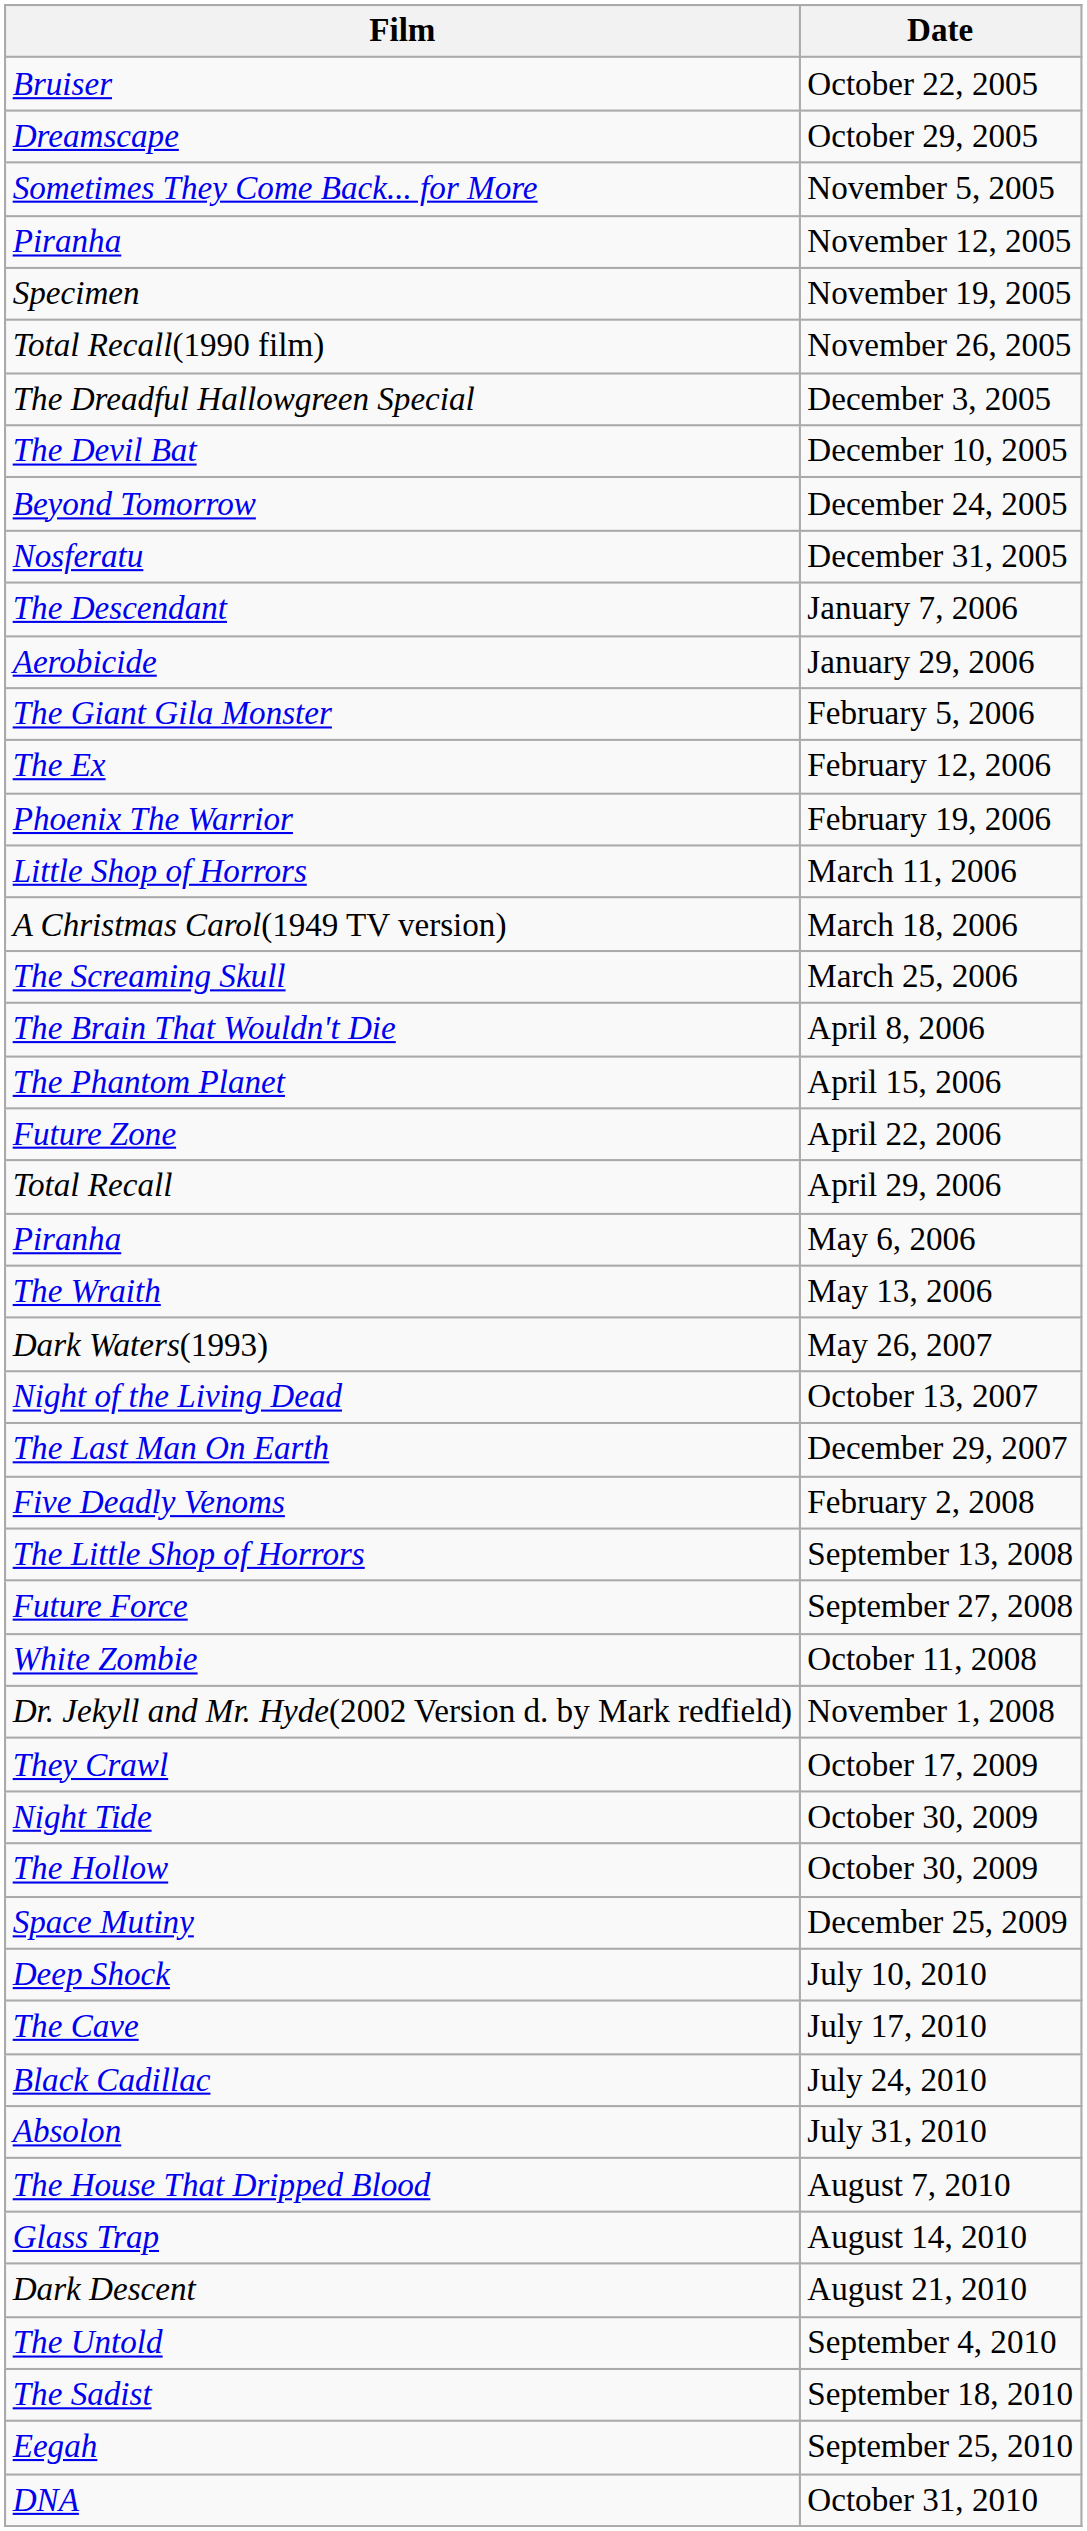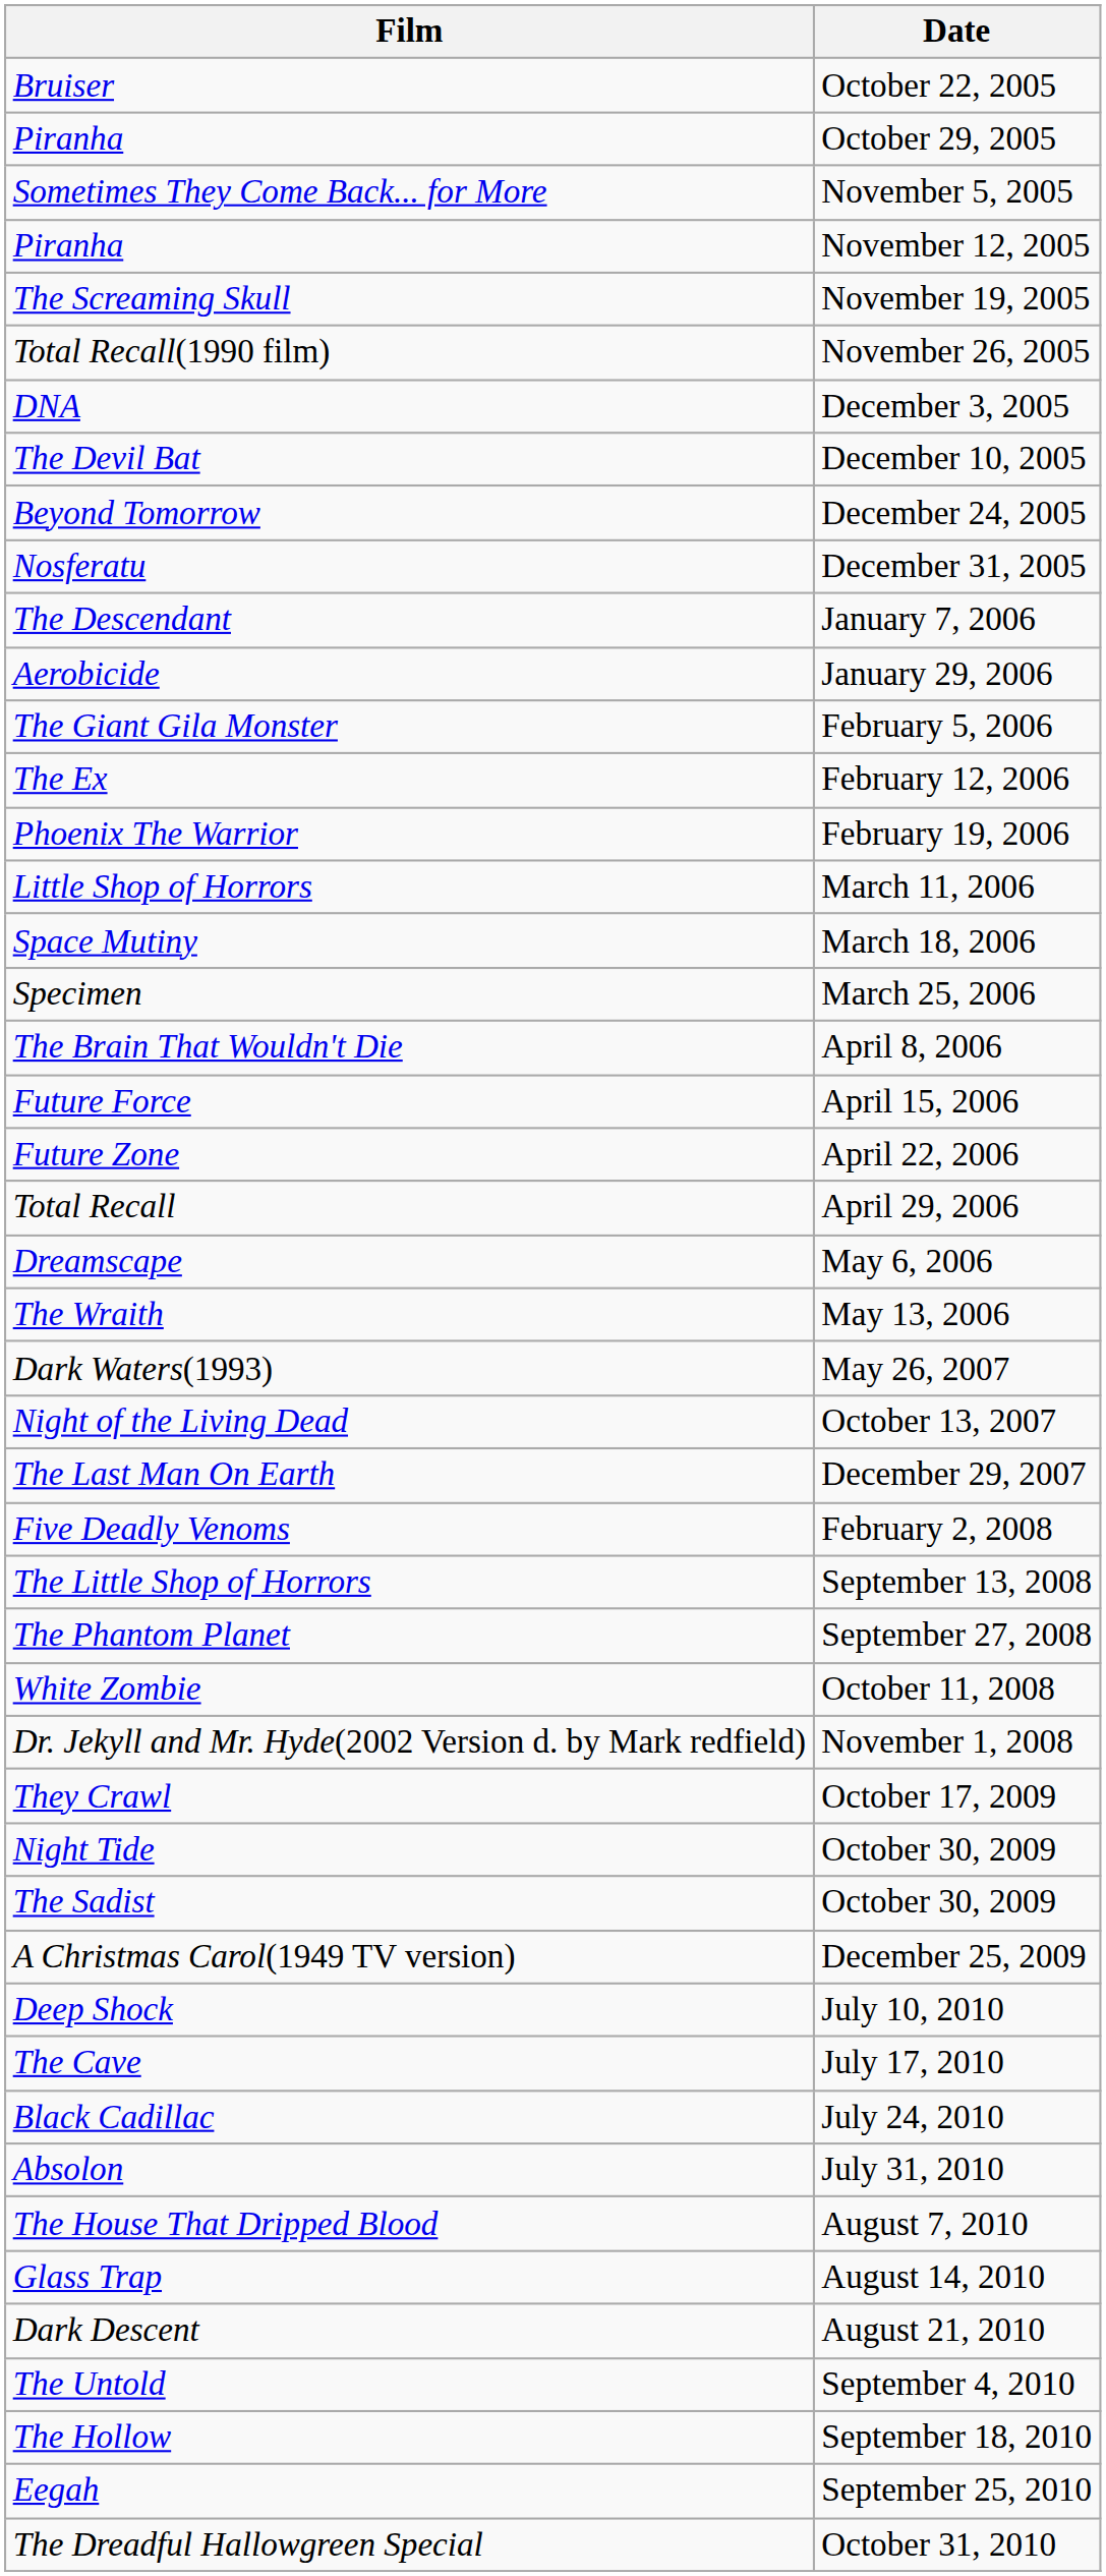 <table class="wikitable sortable">
 <tr>
 <th>Film</th>
 <th>Date</th>
 </tr>
 <tr>
 <td><em><a href='#'>Bruiser</a></em></td>
 <td>October 22, 2005</td>
 </tr>
 <tr>
-<td><em><a href='#'>Dreamscape</a></em></td>
+<td><em><a href='#'>Piranha</a></em></td>
 <td>October 29, 2005</td>
 </tr>
 <tr>
 <td><em><a href='#'>Sometimes They Come Back... for More</a></em></td>
 <td>November 5, 2005</td>
 </tr>
 <tr>
 <td><em><a href='#'>Piranha</a></em></td>
 <td>November 12, 2005</td>
 </tr>
 <tr>
-<td><em>Specimen</em></td>
+<td><em><a href='#'>The Screaming Skull</a></em></td>
 <td>November 19, 2005</td>
 </tr>
 <tr>
 <td><em>Total Recall</em>(1990 film)</td>
 <td>November 26, 2005</td>
 </tr>
 <tr>
-<td><em>The Dreadful Hallowgreen Special</em></td>
+<td><em><a href='#'>DNA</a></em></td>
 <td>December 3, 2005</td>
 </tr>
 <tr>
 <td><em><a href='#'>The Devil Bat</a></em></td>
 <td>December 10, 2005</td>
 </tr>
 <tr>
 <td><em><a href='#'>Beyond Tomorrow</a></em></td>
 <td>December 24, 2005</td>
 </tr>
 <tr>
 <td><em><a href='#'>Nosferatu</a></em></td>
 <td>December 31, 2005</td>
 </tr>
 <tr>
 <td><em><a href='#'>The Descendant</a></em></td>
 <td>January 7, 2006</td>
 </tr>
 <tr>
 <td><em><a href='#'>Aerobicide</a></em></td>
 <td>January 29, 2006</td>
 </tr>
 <tr>
 <td><em><a href='#'>The Giant Gila Monster</a></em></td>
 <td>February 5, 2006</td>
 </tr>
 <tr>
 <td><em><a href='#'>The Ex</a></em></td>
 <td>February 12, 2006</td>
 </tr>
 <tr>
 <td><em><a href='#'>Phoenix The Warrior</a></em></td>
 <td>February 19, 2006</td>
 </tr>
 <tr>
 <td><em><a href='#'>Little Shop of Horrors</a></em></td>
 <td>March 11, 2006</td>
 </tr>
 <tr>
-<td><em>A Christmas Carol</em>(1949 TV version)</td>
+<td><em><a href='#'>Space Mutiny</a></em></td>
 <td>March 18, 2006</td>
 </tr>
 <tr>
-<td><em><a href='#'>The Screaming Skull</a></em></td>
+<td><em>Specimen</em></td>
 <td>March 25, 2006</td>
 </tr>
 <tr>
 <td><em><a href='#'>The Brain That Wouldn't Die</a></em></td>
 <td>April 8, 2006</td>
 </tr>
 <tr>
-<td><em><a href='#'>The Phantom Planet</a></em></td>
+<td><em><a href='#'>Future Force</a></em></td>
 <td>April 15, 2006</td>
 </tr>
 <tr>
 <td><em><a href='#'>Future Zone</a></em></td>
 <td>April 22, 2006</td>
 </tr>
 <tr>
 <td><em>Total Recall</em></td>
 <td>April 29, 2006</td>
 </tr>
 <tr>
-<td><em><a href='#'>Piranha</a></em></td>
+<td><em><a href='#'>Dreamscape</a></em></td>
 <td>May 6, 2006</td>
 </tr>
 <tr>
 <td><em><a href='#'>The Wraith</a></em></td>
 <td>May 13, 2006</td>
 </tr>
 <tr>
 <td><em>Dark Waters</em>(1993)</td>
 <td>May 26, 2007</td>
 </tr>
 <tr>
 <td><em><a href='#'>Night of the Living Dead</a></em></td>
 <td>October 13, 2007</td>
 </tr>
 <tr>
 <td><em><a href='#'>The Last Man On Earth</a></em></td>
 <td>December 29, 2007</td>
 </tr>
 <tr>
 <td><em><a href='#'>Five Deadly Venoms</a></em></td>
 <td>February 2, 2008</td>
 </tr>
 <tr>
 <td><em><a href='#'>The Little Shop of Horrors</a></em></td>
 <td>September 13, 2008</td>
 </tr>
 <tr>
-<td><em><a href='#'>Future Force</a></em></td>
+<td><em><a href='#'>The Phantom Planet</a></em></td>
 <td>September 27, 2008</td>
 </tr>
 <tr>
 <td><em><a href='#'>White Zombie</a></em></td>
 <td>October 11, 2008</td>
 </tr>
 <tr>
 <td><em>Dr. Jekyll and Mr. Hyde</em>(2002 Version d. by Mark redfield)</td>
 <td>November 1, 2008</td>
 </tr>
 <tr>
 <td><em><a href='#'>They Crawl</a></em></td>
 <td>October 17, 2009</td>
 </tr>
 <tr>
 <td><em><a href='#'>Night Tide</a></em></td>
 <td>October 30, 2009</td>
 </tr>
 <tr>
-<td><em><a href='#'>The Hollow</a></em></td>
+<td><em><a href='#'>The Sadist</a></em></td>
 <td>October 30, 2009</td>
 </tr>
 <tr>
-<td><em><a href='#'>Space Mutiny</a></em></td>
+<td><em>A Christmas Carol</em>(1949 TV version)</td>
 <td>December 25, 2009</td>
 </tr>
 <tr>
 <td><em><a href='#'>Deep Shock</a></em></td>
 <td>July 10, 2010</td>
 </tr>
 <tr>
 <td><em><a href='#'>The Cave</a></em></td>
 <td>July 17, 2010</td>
 </tr>
 <tr>
 <td><em><a href='#'>Black Cadillac</a></em></td>
 <td>July 24, 2010</td>
 </tr>
 <tr>
 <td><em><a href='#'>Absolon</a></em></td>
 <td>July 31, 2010</td>
 </tr>
 <tr>
 <td><em><a href='#'>The House That Dripped Blood</a></em></td>
 <td>August 7, 2010</td>
 </tr>
 <tr>
 <td><em><a href='#'>Glass Trap</a></em></td>
 <td>August 14, 2010</td>
 </tr>
 <tr>
 <td><em>Dark Descent</em></td>
 <td>August 21, 2010</td>
 </tr>
 <tr>
 <td><em><a href='#'>The Untold</a></em></td>
 <td>September 4, 2010</td>
 </tr>
 <tr>
-<td><em><a href='#'>The Sadist</a></em></td>
+<td><em><a href='#'>The Hollow</a></em></td>
 <td>September 18, 2010</td>
 </tr>
 <tr>
 <td><em><a href='#'>Eegah</a></em></td>
 <td>September 25, 2010</td>
 </tr>
 <tr>
-<td><em><a href='#'>DNA</a></em></td>
+<td><em>The Dreadful Hallowgreen Special</em></td>
 <td>October 31, 2010</td>
 </tr>
 <tr>
 </tr>
 </table>
